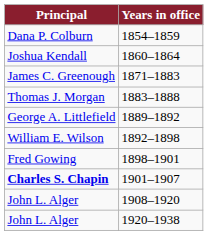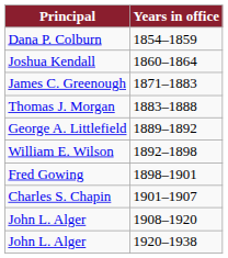 <table class="wikitable">
 <tr>
 <th style="background:#8A1E2E; color:white">Principal</th>
 <th style="background:#8A1E2E; color:white">Years in office</th>
 </tr>
 <tr>
 <td><a href='#'>Dana P. Colburn</a></td>
 <td>1854–1859</td>
 </tr>
 <tr>
 <td><a href='#'>Joshua Kendall</a></td>
 <td>1860–1864</td>
 </tr>
 <tr>
 <td><a href='#'>James C. Greenough</a></td>
 <td>1871–1883</td>
 </tr>
 <tr>
 <td><a href='#'>Thomas J. Morgan</a></td>
 <td>1883–1888</td>
 </tr>
 <tr>
 <td><a href='#'>George A. Littlefield</a></td>
 <td>1889–1892</td>
 </tr>
 <tr>
 <td><a href='#'>William E. Wilson</a></td>
 <td>1892–1898</td>
 </tr>
 <tr>
 <td><a href='#'>Fred Gowing</a></td>
 <td>1898–1901</td>
 </tr>
 <tr>
-<td><strong><a href='#'>Charles S. Chapin</a></strong></td>
+<td><a href='#'>Charles S. Chapin</a></td>
 <td>1901–1907</td>
 </tr>
 <tr>
 <td><a href='#'>John L. Alger</a></td>
 <td>1908–1920</td>
 </tr>
 <tr>
 <td><a href='#'>John L. Alger</a></td>
 <td>1920–1938</td>
 </tr>
 </table>
